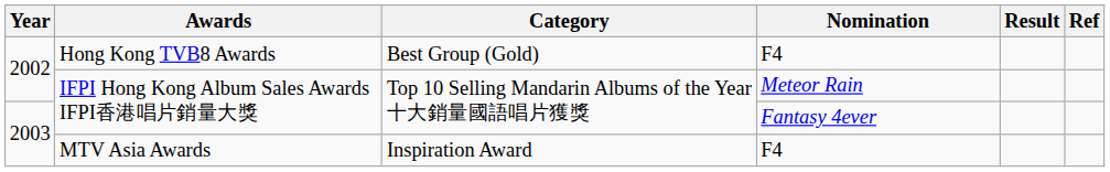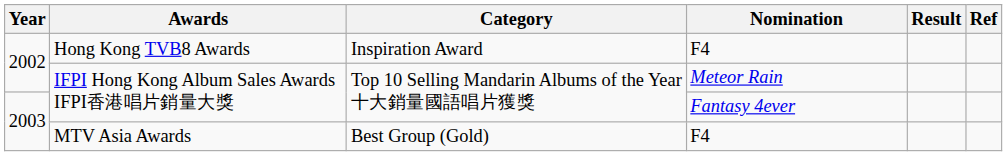 <table class="wikitable">
 <tr>
 <th>Year</th>
 <th style="width:280px;">Awards</th>
 <th style="width:320px;">Category</th>
 <th style="width:200px;">Nomination</th>
 <th>Result</th>
 <th>Ref</th>
 </tr>
 <tr>
 <td rowspan=2>2002</td>
 <td>Hong Kong <a href='#'>TVB</a>8 Awards</td>
-<td>Best Group (Gold)</td>
+<td>Inspiration Award</td>
 <td>F4</td>
 <td></td>
 <td style="text-align:center;"></td>
 </tr>
 <tr>
 <td rowspan="2"><a href='#'>IFPI</a> Hong Kong Album Sales Awards<br>IFPI香港唱片銷量大獎</td>
 <td rowspan="2">Top 10 Selling Mandarin Albums of the Year<br>十大銷量國語唱片獲獎</td>
 <td><em><a href='#'>Meteor Rain</a></em></td>
 <td></td>
 <td style="text-align:center;"></td>
 </tr>
 <tr>
 <td rowspan=2>2003</td>
 <td><em><a href='#'>Fantasy 4ever</a></em></td>
 <td></td>
 <td style="text-align:center;"></td>
 </tr>
 <tr>
 <td>MTV Asia Awards</td>
-<td>Inspiration Award</td>
+<td>Best Group (Gold)</td>
 <td>F4</td>
 <td></td>
 <td style="text-align:center;"></td>
 </tr>
 </table>
